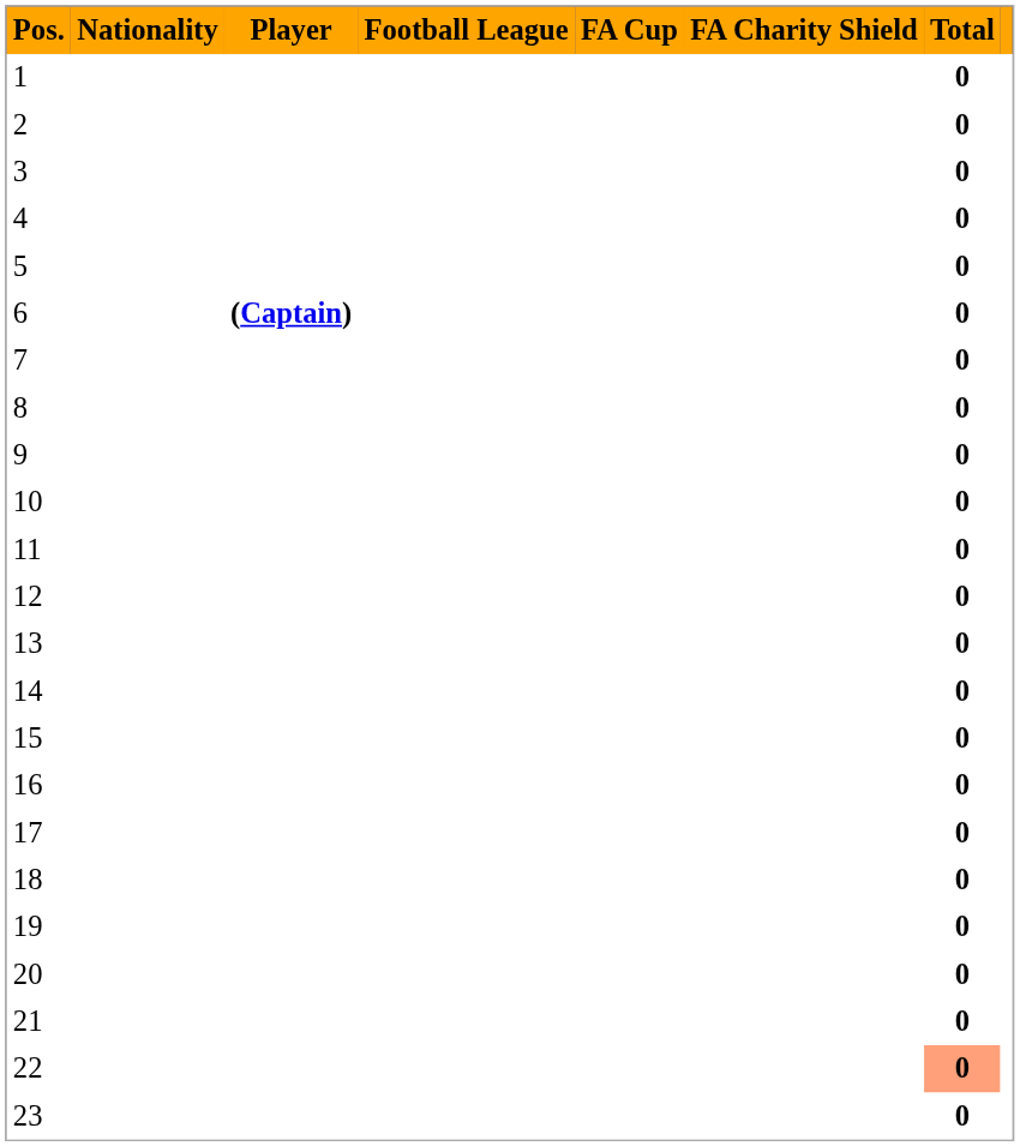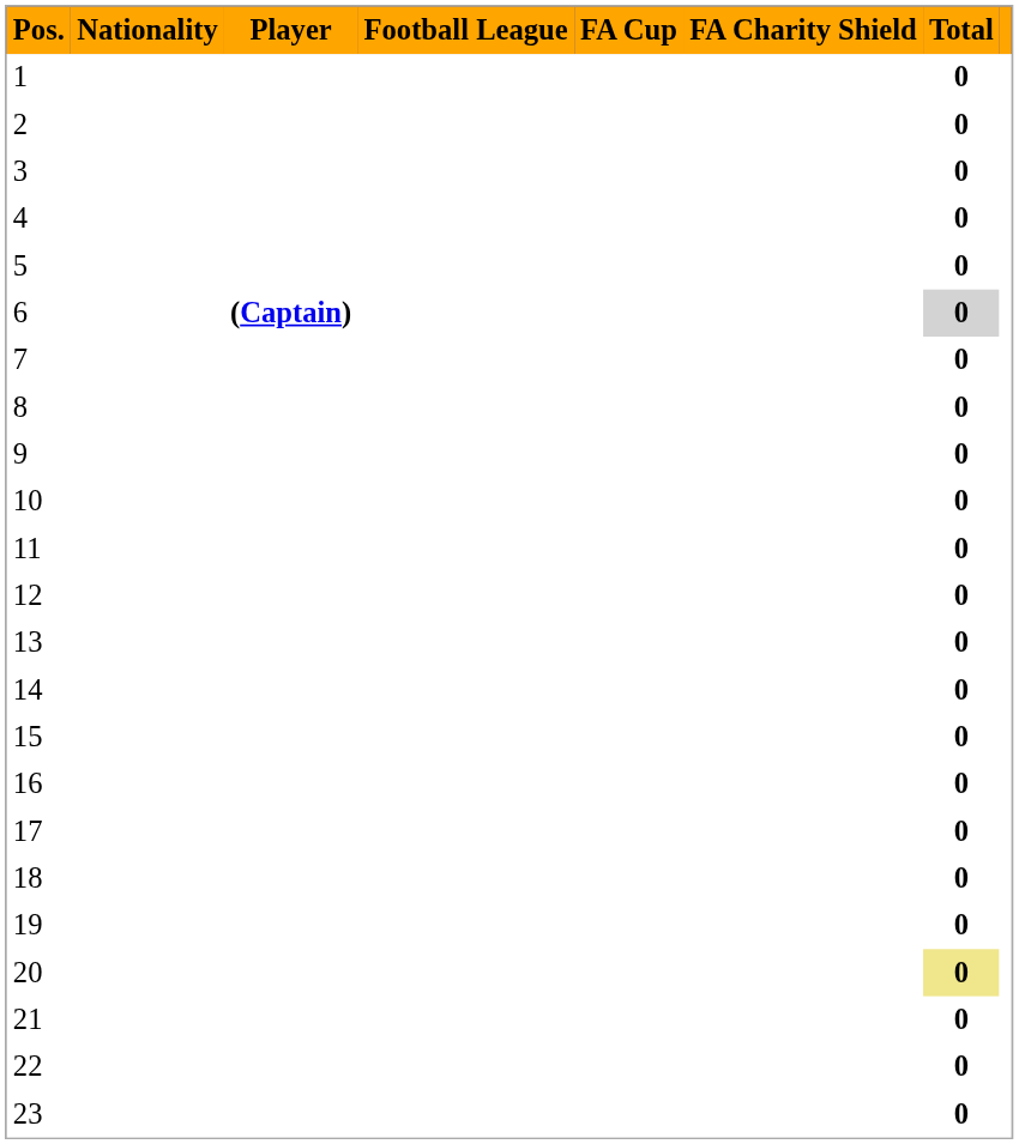 <table cellspacing="0" cellpadding="3" style="border:1px solid #AAAAAA;font-size:90%">
 <tr bgcolor="#191970">
 <th style=background:orange; align="center"><span>Pos.</span></th>
 <th style=background:orange; align="center"><span>Nationality</span></th>
 <th style=background:orange; align="center"><span>Player</span></th>
 <th style=background:orange; align="center"><span>Football League</span></th>
 <th style=background:orange; align="center"><span>FA Cup</span></th>
 <th style=background:orange; align="center"><span>FA Charity Shield</span></th>
 <th style=background:orange; align="center"><span>Total</span></th>
 <th style=background:orange; align="center"><span></span></th>
 </tr>
 <tr>
 <td>1</td>
 <td></td>
 <td></td>
 <td align="center"></td>
 <td align="center"></td>
 <td align="center"></td>
 <td align="center"><strong>0</strong></td>
 <td align="center"></td>
 </tr>
 <tr>
 <td>2</td>
 <td></td>
 <td></td>
 <td align="center"></td>
 <td align="center"></td>
 <td align="center"></td>
 <td align="center"><strong>0</strong></td>
 <td align="center"></td>
 </tr>
 <tr>
 <td>3</td>
 <td></td>
 <td></td>
 <td align="center"></td>
 <td align="center"></td>
 <td align="center"></td>
 <td align="center"><strong>0</strong></td>
 <td align="center"></td>
 </tr>
 <tr>
 <td>4</td>
 <td></td>
 <td></td>
 <td align="center"></td>
 <td align="center"></td>
 <td align="center"></td>
 <td align="center"><strong>0</strong></td>
 <td align="center"></td>
 </tr>
 <tr>
 <td>5</td>
 <td></td>
 <td></td>
 <td align="center"></td>
 <td align="center"></td>
 <td align="center"></td>
 <td align="center"><strong>0</strong></td>
 <td align="center"></td>
 </tr>
 <tr>
 <td>6</td>
 <td></td>
 <td> <strong>(<a href='#'>Captain</a>)</strong></td>
 <td align="center"></td>
 <td align="center"></td>
 <td align="center"></td>
-<td align="center"><strong>0</strong></td>
+<td align="center" style="background: lightgrey;"><strong>0</strong></td>
 <td align="center"></td>
 </tr>
 <tr>
 <td>7</td>
 <td></td>
 <td></td>
 <td align="center"></td>
 <td align="center"></td>
 <td align="center"></td>
 <td align="center"><strong>0</strong></td>
 <td align="center"></td>
 </tr>
 <tr>
 <td>8</td>
 <td></td>
 <td></td>
 <td align="center"></td>
 <td align="center"></td>
 <td align="center"></td>
 <td align="center"><strong>0</strong></td>
 <td align="center"></td>
 </tr>
 <tr>
 <td>9</td>
 <td></td>
 <td></td>
 <td align="center"></td>
 <td align="center"></td>
 <td align="center"></td>
 <td align="center"><strong>0</strong></td>
 <td align="center"></td>
 </tr>
 <tr>
 <td>10</td>
 <td></td>
 <td></td>
 <td align="center"></td>
 <td align="center"></td>
 <td align="center"></td>
 <td align="center"><strong>0</strong></td>
 <td align="center"></td>
 </tr>
 <tr>
 <td>11</td>
 <td></td>
 <td></td>
 <td align="center"></td>
 <td align="center"></td>
 <td align="center"></td>
 <td align="center"><strong>0</strong></td>
 <td align="center"></td>
 </tr>
 <tr>
 <td>12</td>
 <td></td>
 <td></td>
 <td align="center"></td>
 <td align="center"></td>
 <td align="center"></td>
 <td align="center"><strong>0</strong></td>
 <td align="center"></td>
 </tr>
 <tr>
 <td>13</td>
 <td></td>
 <td></td>
 <td align="center"></td>
 <td align="center"></td>
 <td align="center"></td>
 <td align="center"><strong>0</strong></td>
 <td align="center"></td>
 </tr>
 <tr>
 <td>14</td>
 <td></td>
 <td></td>
 <td align="center"></td>
 <td align="center"></td>
 <td align="center"></td>
 <td align="center"><strong>0</strong></td>
 <td align="center"></td>
 </tr>
 <tr>
 <td>15</td>
 <td></td>
 <td></td>
 <td align="center"></td>
 <td align="center"></td>
 <td align="center"></td>
 <td align="center"><strong>0</strong></td>
 <td align="center"></td>
 </tr>
 <tr>
 <td>16</td>
 <td></td>
 <td></td>
 <td align="center"></td>
 <td align="center"></td>
 <td align="center"></td>
 <td align="center"><strong>0</strong></td>
 <td align="center"></td>
 </tr>
 <tr>
 <td>17</td>
 <td></td>
 <td></td>
 <td align="center"></td>
 <td align="center"></td>
 <td align="center"></td>
 <td align="center"><strong>0</strong></td>
 <td align="center"></td>
 </tr>
 <tr>
 <td>18</td>
 <td></td>
 <td></td>
 <td align="center"></td>
 <td align="center"></td>
 <td align="center"></td>
 <td align="center"><strong>0</strong></td>
 <td align="center"></td>
 </tr>
 <tr>
 <td>19</td>
 <td></td>
 <td></td>
 <td align="center"></td>
 <td align="center"></td>
 <td align="center"></td>
 <td align="center"><strong>0</strong></td>
 <td align="center"></td>
 </tr>
 <tr>
 <td>20</td>
 <td></td>
 <td></td>
 <td align="center"></td>
 <td align="center"></td>
 <td align="center"></td>
-<td align="center"><strong>0</strong></td>
+<td align="center" style="background: khaki;"><strong>0</strong></td>
 <td align="center"></td>
 </tr>
 <tr>
 <td>21</td>
 <td></td>
 <td></td>
 <td align="center"></td>
 <td align="center"></td>
 <td align="center"></td>
 <td align="center"><strong>0</strong></td>
 <td align="center"></td>
 </tr>
 <tr>
 <td>22</td>
 <td></td>
 <td></td>
 <td align="center"></td>
 <td align="center"></td>
 <td align="center"></td>
-<td align="center" style="background: lightsalmon;"><strong>0</strong></td>
+<td align="center"><strong>0</strong></td>
 <td align="center"></td>
 </tr>
 <tr>
 <td>23</td>
 <td></td>
 <td></td>
 <td align="center"></td>
 <td align="center"></td>
 <td align="center"></td>
 <td align="center"><strong>0</strong></td>
 <td align="center"></td>
 </tr>
 <tr>
 </tr>
 </table>
